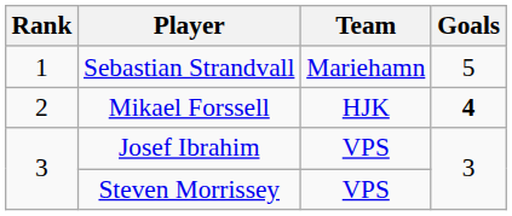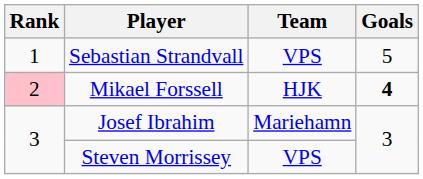 <table class="wikitable" style="text-align:center;">
 <tr>
 <th>Rank</th>
 <th>Player</th>
 <th>Team</th>
 <th>Goals</th>
 </tr>
 <tr>
 <td>1</td>
 <td> <a href='#'>Sebastian Strandvall</a></td>
-<td><a href='#'>Mariehamn</a></td>
+<td><a href='#'>VPS</a></td>
 <td>5</td>
 </tr>
 <tr>
-<td>2</td>
+<td style="background: pink;">2</td>
 <td> <a href='#'>Mikael Forssell</a></td>
 <td><a href='#'>HJK</a></td>
 <td><strong>4</strong></td>
 </tr>
 <tr>
 <td rowspan=2>3</td>
 <td> <a href='#'>Josef Ibrahim</a></td>
-<td><a href='#'>VPS</a></td>
+<td><a href='#'>Mariehamn</a></td>
 <td rowspan=2>3</td>
 </tr>
 <tr>
 <td> <a href='#'>Steven Morrissey</a></td>
 <td><a href='#'>VPS</a></td>
 </tr>
 </table>
